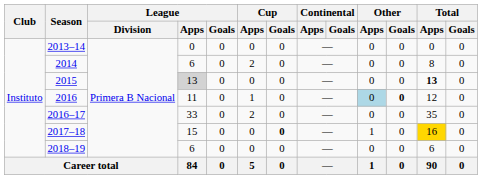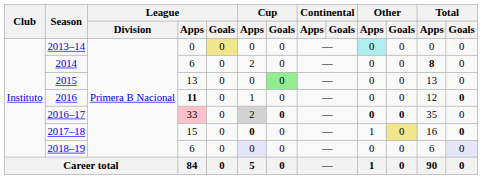 <table class="wikitable" style="text-align:center">
 <tr>
 <th rowspan="2">Club</th>
 <th rowspan="2">Season</th>
 <th colspan="3">League</th>
 <th colspan="2">Cup</th>
 <th colspan="2">Continental</th>
 <th colspan="2">Other</th>
 <th colspan="2">Total</th>
 </tr>
 <tr>
 <th>Division</th>
 <th>Apps</th>
 <th>Goals</th>
 <th>Apps</th>
 <th>Goals</th>
 <th>Apps</th>
 <th>Goals</th>
 <th>Apps</th>
 <th>Goals</th>
 <th>Apps</th>
 <th>Goals</th>
 </tr>
 <tr>
 <td rowspan="7"><a href='#'>Instituto</a></td>
 <td><a href='#'>2013–14</a></td>
 <td rowspan="7"><a href='#'>Primera B Nacional</a></td>
 <td>0</td>
-<td>0</td>
+<td style="background: khaki;">0</td>
 <td>0</td>
 <td>0</td>
 <td colspan="2">—</td>
-<td>0</td>
+<td style="background: paleturquoise;">0</td>
 <td>0</td>
 <td>0</td>
 <td>0</td>
 </tr>
 <tr>
 <td><a href='#'>2014</a></td>
 <td>6</td>
 <td>0</td>
 <td>2</td>
 <td>0</td>
 <td colspan="2">—</td>
 <td>0</td>
 <td>0</td>
-<td>8</td>
+<td><strong>8</strong></td>
 <td>0</td>
 </tr>
 <tr>
 <td><a href='#'>2015</a></td>
-<td style="background: lightgrey;">13</td>
+<td>13</td>
 <td>0</td>
 <td>0</td>
+<td style="background: lightgreen;">0</td>
+<td colspan="2">—</td>
+<td>0</td>
+<td>0</td>
+<td>13</td>
+<td>0</td>
+</tr>
+<tr>
+<td><a href='#'>2016</a></td>
+<td><strong>11</strong></td>
+<td>0</td>
+<td>1</td>
 <td>0</td>
 <td colspan="2">—</td>
 <td>0</td>
 <td>0</td>
-<td><strong>13</strong></td>
-<td>0</td>
-</tr>
-<tr>
-<td><a href='#'>2016</a></td>
-<td>11</td>
-<td>0</td>
-<td>1</td>
-<td>0</td>
-<td colspan="2">—</td>
-<td style="background: lightblue;">0</td>
+<td>12</td>
 <td><strong>0</strong></td>
-<td>12</td>
-<td>0</td>
 </tr>
 <tr>
 <td><a href='#'>2016–17</a></td>
-<td>33</td>
+<td style="background: pink;">33</td>
 <td>0</td>
-<td>2</td>
-<td>0</td>
+<td style="background: lightgrey;">2</td>
+<td><strong>0</strong></td>
 <td colspan="2">—</td>
-<td>0</td>
-<td>0</td>
+<td><strong>0</strong></td>
+<td><strong>0</strong></td>
 <td>35</td>
 <td>0</td>
 </tr>
 <tr>
 <td><a href='#'>2017–18</a></td>
 <td>15</td>
 <td>0</td>
+<td><strong>0</strong></td>
 <td>0</td>
-<td><strong>0</strong></td>
 <td colspan="2">—</td>
 <td>1</td>
-<td>0</td>
-<td style="background: gold;">16</td>
-<td>0</td>
+<td style="background: khaki;">0</td>
+<td>16</td>
+<td><strong>0</strong></td>
 </tr>
 <tr>
 <td><a href='#'>2018–19</a></td>
 <td>6</td>
 <td>0</td>
-<td>0</td>
+<td style="background: lavender;">0</td>
 <td>0</td>
 <td colspan="2">—</td>
 <td>0</td>
 <td>0</td>
 <td>6</td>
-<td>0</td>
+<td style="background: lavender;">0</td>
 </tr>
 <tr>
 <th colspan="3">Career total</th>
 <th>84</th>
 <th>0</th>
 <th>5</th>
 <th>0</th>
 <th colspan="2">—</th>
 <th>1</th>
 <th>0</th>
 <th>90</th>
 <th>0</th>
 </tr>
 </table>
